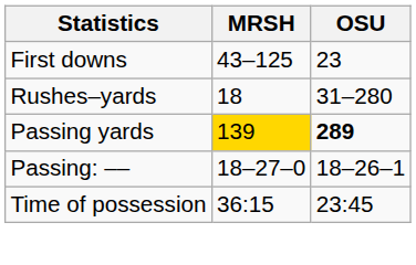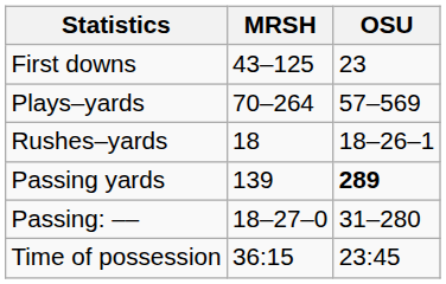 <table class="wikitable" style="float:left">
 <tr>
 <th>Statistics</th>
 <th>MRSH</th>
 <th>OSU</th>
 </tr>
 <tr>
 <td>First downs</td>
 <td>43–125</td>
 <td>23</td>
 </tr>
 <tr>
+<td>Plays–yards</td>
+<td>70–264</td>
+<td>57–569</td>
+</tr>
+<tr>
 <td>Rushes–yards</td>
 <td>18</td>
-<td>31–280</td>
+<td>18–26–1</td>
 </tr>
 <tr>
 <td>Passing yards</td>
-<td style="background: gold;">139</td>
+<td>139</td>
 <td><strong>289</strong></td>
 </tr>
 <tr>
 <td>Passing: ––</td>
 <td>18–27–0</td>
-<td>18–26–1</td>
+<td>31–280</td>
 </tr>
 <tr>
 <td>Time of possession</td>
 <td>36:15</td>
 <td>23:45</td>
 </tr>
 </table>
